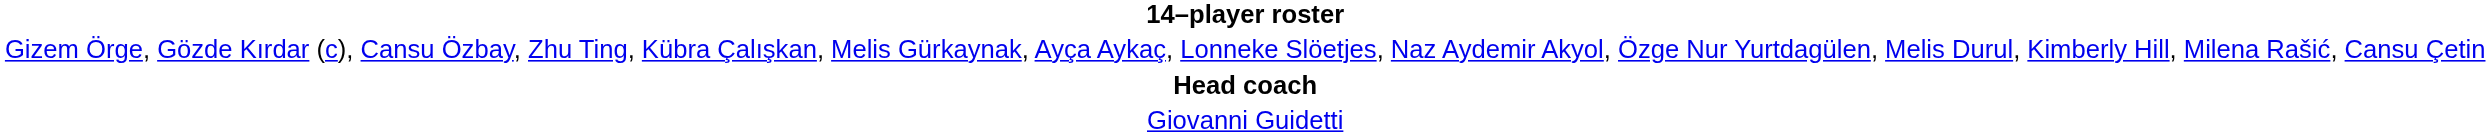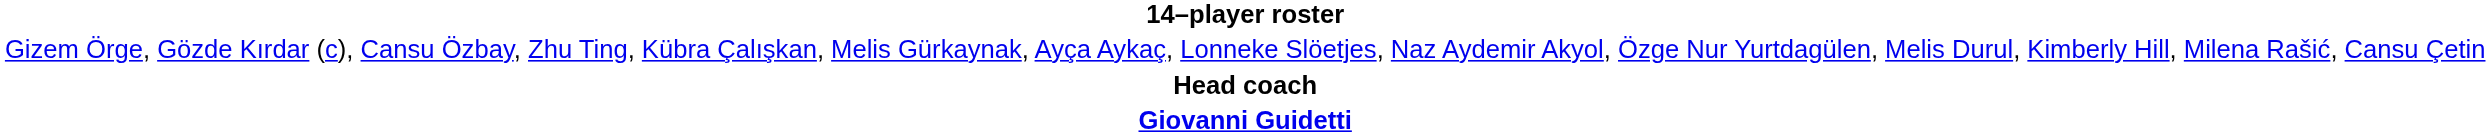 <table style="text-align:center; margin-top:2em; margin-left:auto; margin-right:auto">
 <tr>
 <td><strong>14–player roster</strong></td>
 </tr>
 <tr>
 <td><a href='#'>Gizem Örge</a>, <a href='#'>Gözde Kırdar</a> (<a href='#'>c</a>), <a href='#'>Cansu Özbay</a>, <a href='#'>Zhu Ting</a>, <a href='#'>Kübra Çalışkan</a>, <a href='#'>Melis Gürkaynak</a>, <a href='#'>Ayça Aykaç</a>, <a href='#'>Lonneke Slöetjes</a>, <a href='#'>Naz Aydemir Akyol</a>, <a href='#'>Özge Nur Yurtdagülen</a>, <a href='#'>Melis Durul</a>, <a href='#'>Kimberly Hill</a>, <a href='#'>Milena Rašić</a>, <a href='#'>Cansu Çetin</a></td>
 </tr>
 <tr>
 <td><strong>Head coach</strong></td>
 </tr>
 <tr>
-<td><a href='#'>Giovanni Guidetti</a></td>
+<td><strong><a href='#'>Giovanni Guidetti</a></strong></td>
 </tr>
 </table>
